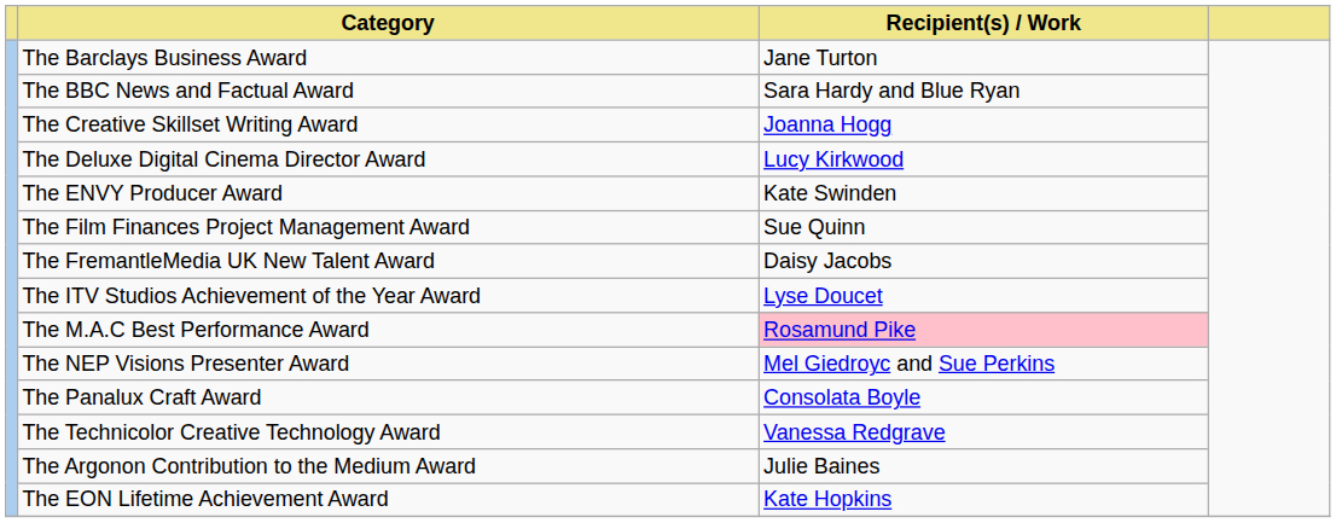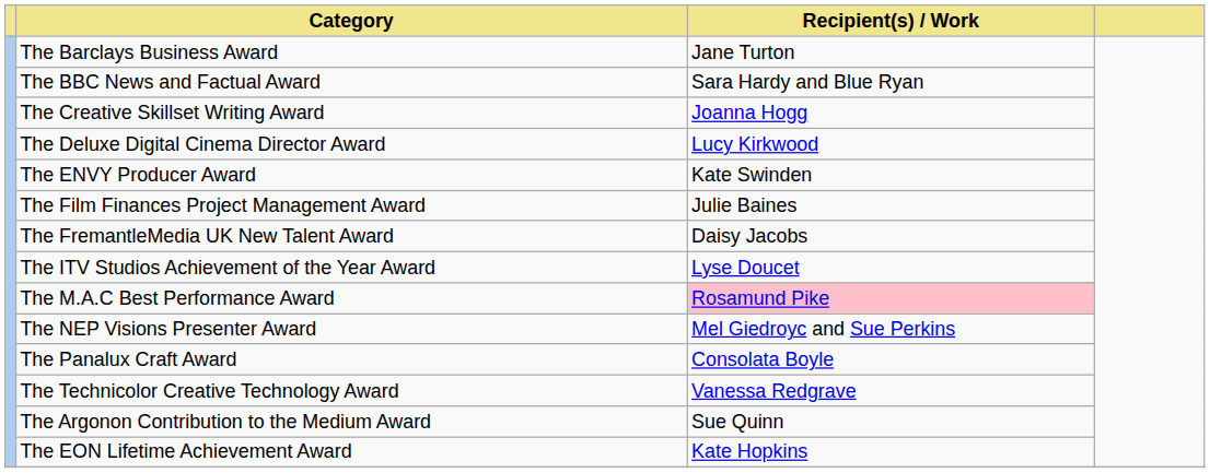 <table class="wikitable" width="70%" scope="col" style="text-align: left; font-size: 90%">
 <tr col>
 <th style="background:#F0E68C" width="1px"></th>
 <th style="background:#F0E68C" width="56%">Category</th>
 <th style="background:#F0E68C" width="34%">Recipient(s) / Work</th>
 <th style="background:#F0E68C" scope="col" class="unsortable"></th>
 </tr>
 <tr>
 <td style="background: #abcdef;" rowspan="14"></td>
 <td scope="col" style="align:left">The Barclays Business Award</td>
 <td>Jane Turton</td>
 <td rowspan="14"></td>
 </tr>
 <tr>
 <td>The BBC News and Factual Award</td>
 <td>Sara Hardy and Blue Ryan</td>
 </tr>
 <tr>
 <td>The Creative Skillset Writing Award</td>
 <td><a href='#'>Joanna Hogg</a></td>
 </tr>
 <tr>
 <td>The Deluxe Digital Cinema Director Award</td>
 <td><a href='#'>Lucy Kirkwood</a></td>
 </tr>
 <tr>
 <td>The ENVY Producer Award</td>
 <td>Kate Swinden</td>
 </tr>
 <tr>
 <td>The Film Finances Project Management Award</td>
-<td>Sue Quinn</td>
+<td>Julie Baines</td>
 </tr>
 <tr>
 <td>The FremantleMedia UK New Talent Award</td>
 <td>Daisy Jacobs</td>
 </tr>
 <tr>
 <td>The ITV Studios Achievement of the Year Award</td>
 <td><a href='#'>Lyse Doucet</a></td>
 </tr>
 <tr>
 <td>The M.A.C Best Performance Award</td>
 <td style="background: pink;"><a href='#'>Rosamund Pike</a></td>
 </tr>
 <tr>
 <td>The NEP Visions Presenter Award</td>
 <td><a href='#'>Mel Giedroyc</a> and <a href='#'>Sue Perkins</a></td>
 </tr>
 <tr>
 <td>The Panalux Craft Award</td>
 <td><a href='#'>Consolata Boyle</a></td>
 </tr>
 <tr>
 <td>The Technicolor Creative Technology Award</td>
 <td><a href='#'>Vanessa Redgrave</a></td>
 </tr>
 <tr>
 <td>The Argonon Contribution to the Medium Award</td>
-<td>Julie Baines</td>
+<td>Sue Quinn</td>
 </tr>
 <tr>
 <td>The EON Lifetime Achievement Award</td>
 <td><a href='#'>Kate Hopkins</a></td>
 </tr>
 <tr>
 </tr>
 </table>
